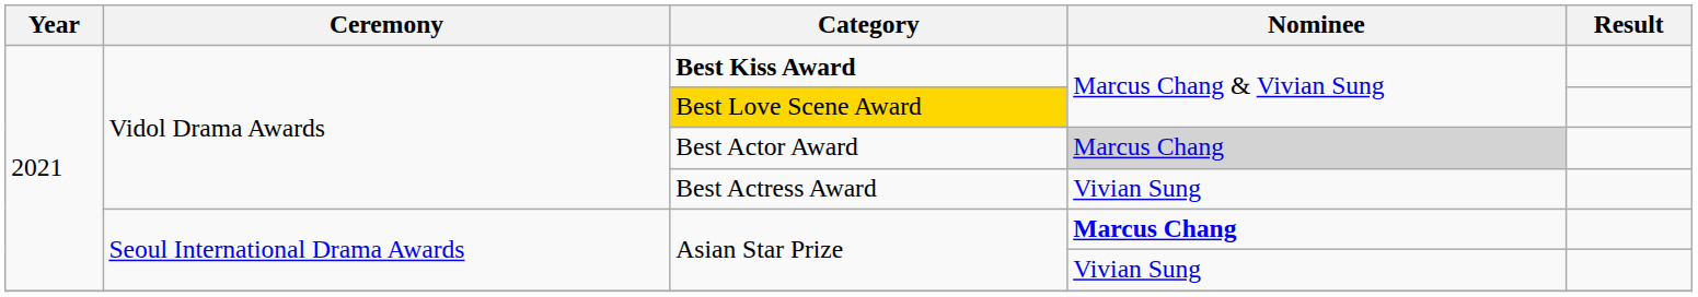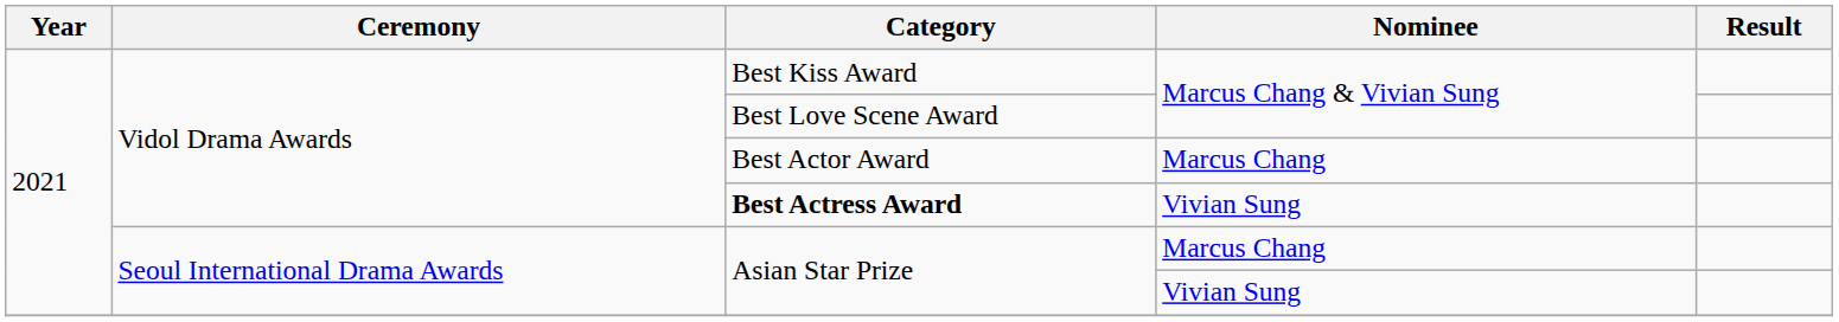 <table class="wikitable" width="83%">
 <tr>
 <th>Year</th>
 <th>Ceremony</th>
 <th>Category</th>
 <th>Nominee</th>
 <th>Result</th>
 </tr>
 <tr>
 <td rowspan="6">2021</td>
 <td rowspan="4">Vidol Drama Awards</td>
-<td><strong>Best Kiss Award</strong></td>
+<td>Best Kiss Award</td>
 <td rowspan="2"><a href='#'>Marcus Chang</a> & <a href='#'>Vivian Sung</a></td>
 <td></td>
 </tr>
 <tr>
-<td style="background: gold;">Best Love Scene Award</td>
+<td>Best Love Scene Award</td>
 <td></td>
 </tr>
 <tr>
 <td>Best Actor Award</td>
-<td style="background: lightgrey;"><a href='#'>Marcus Chang</a></td>
+<td><a href='#'>Marcus Chang</a></td>
 <td></td>
 </tr>
 <tr>
-<td>Best Actress Award</td>
+<td><strong>Best Actress Award</strong></td>
 <td><a href='#'>Vivian Sung</a></td>
 <td></td>
 </tr>
 <tr>
 <td rowspan=2><a href='#'>Seoul International Drama Awards</a></td>
 <td rowspan="2">Asian Star Prize</td>
-<td><strong><a href='#'>Marcus Chang</a></strong></td>
+<td><a href='#'>Marcus Chang</a></td>
 <td></td>
 </tr>
 <tr>
 <td><a href='#'>Vivian Sung</a></td>
 <td></td>
 </tr>
 <tr>
 </tr>
 </table>
